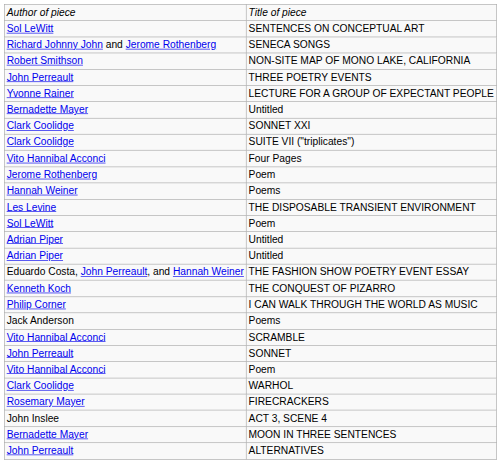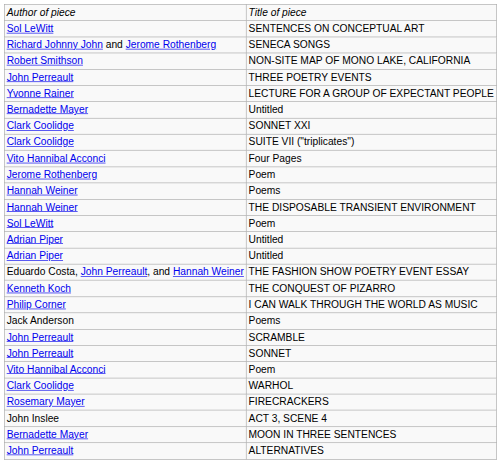 <table class="wikitable">
 <tr>
 <td><em>Author of piece</em></td>
 <td><em>Title of piece</em></td>
 </tr>
 <tr>
 <td><a href='#'>Sol LeWitt</a></td>
 <td>SENTENCES ON CONCEPTUAL ART</td>
 </tr>
 <tr>
 <td><a href='#'>Richard Johnny John</a> and <a href='#'>Jerome Rothenberg</a></td>
 <td>SENECA SONGS</td>
 </tr>
 <tr>
 <td><a href='#'>Robert Smithson</a></td>
 <td>NON-SITE MAP OF MONO LAKE, CALIFORNIA</td>
 </tr>
 <tr>
 <td><a href='#'>John Perreault</a></td>
 <td>THREE POETRY EVENTS</td>
 </tr>
 <tr>
 <td><a href='#'>Yvonne Rainer</a></td>
 <td>LECTURE FOR A GROUP OF EXPECTANT PEOPLE</td>
 </tr>
 <tr>
 <td><a href='#'>Bernadette Mayer</a></td>
 <td>Untitled</td>
 </tr>
 <tr>
 <td><a href='#'>Clark Coolidge</a></td>
 <td>SONNET XXI</td>
 </tr>
 <tr>
 <td><a href='#'>Clark Coolidge</a></td>
 <td>SUITE VII ("triplicates")</td>
 </tr>
 <tr>
 <td><a href='#'>Vito Hannibal Acconci</a></td>
 <td>Four Pages</td>
 </tr>
 <tr>
 <td><a href='#'>Jerome Rothenberg</a></td>
 <td>Poem</td>
 </tr>
 <tr>
 <td><a href='#'>Hannah Weiner</a></td>
 <td>Poems</td>
 </tr>
 <tr>
-<td><a href='#'>Les Levine</a></td>
+<td><a href='#'>Hannah Weiner</a></td>
 <td>THE DISPOSABLE TRANSIENT ENVIRONMENT</td>
 </tr>
 <tr>
 <td><a href='#'>Sol LeWitt</a></td>
 <td>Poem</td>
 </tr>
 <tr>
 <td><a href='#'>Adrian Piper</a></td>
 <td>Untitled</td>
 </tr>
 <tr>
 <td><a href='#'>Adrian Piper</a></td>
 <td>Untitled</td>
 </tr>
 <tr>
 <td>Eduardo Costa, <a href='#'>John Perreault</a>, and <a href='#'>Hannah Weiner</a></td>
 <td>THE FASHION SHOW POETRY EVENT ESSAY</td>
 </tr>
 <tr>
 <td><a href='#'>Kenneth Koch</a></td>
 <td>THE CONQUEST OF PIZARRO</td>
 </tr>
 <tr>
 <td><a href='#'>Philip Corner</a></td>
 <td>I CAN WALK THROUGH THE WORLD AS MUSIC</td>
 </tr>
 <tr>
 <td>Jack Anderson</td>
 <td>Poems</td>
 </tr>
 <tr>
-<td><a href='#'>Vito Hannibal Acconci</a></td>
+<td><a href='#'>John Perreault</a></td>
 <td>SCRAMBLE</td>
 </tr>
 <tr>
 <td><a href='#'>John Perreault</a></td>
 <td>SONNET  </td>
 </tr>
 <tr>
 <td><a href='#'>Vito Hannibal Acconci</a></td>
 <td>Poem</td>
 </tr>
 <tr>
 <td><a href='#'>Clark Coolidge</a></td>
 <td>WARHOL</td>
 </tr>
 <tr>
 <td><a href='#'>Rosemary Mayer</a></td>
 <td>FIRECRACKERS</td>
 </tr>
 <tr>
 <td>John Inslee</td>
 <td>ACT 3, SCENE 4</td>
 </tr>
 <tr>
 <td><a href='#'>Bernadette Mayer</a></td>
 <td>MOON IN THREE SENTENCES</td>
 </tr>
 <tr>
 <td><a href='#'>John Perreault</a></td>
 <td>ALTERNATIVES</td>
 </tr>
 </table>
